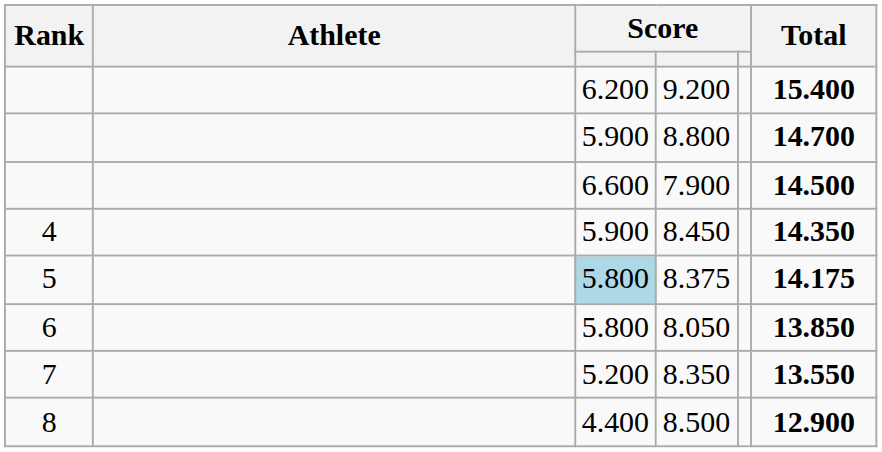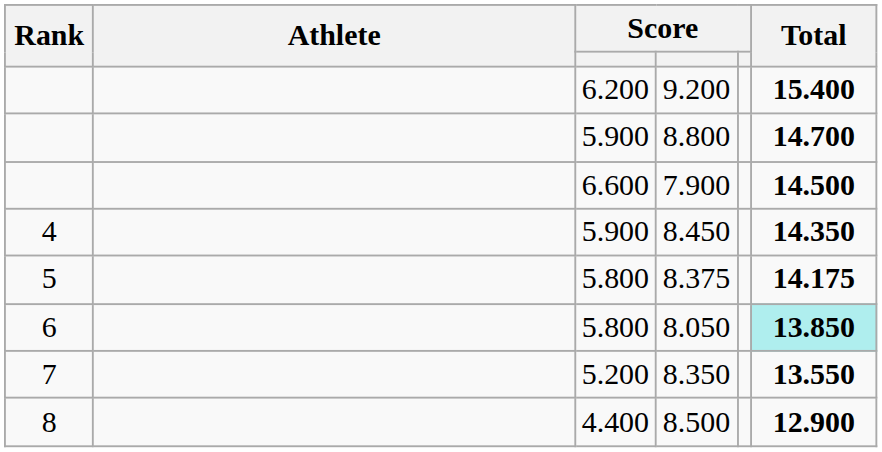 <table class=wikitable style="text-align:center">
 <tr>
 <th width="40" rowspan="2">Rank</th>
 <th width="250" rowspan="2">Athlete</th>
 <th width="60" colspan="3">Score</th>
 <th width="60" rowspan="2">Total</th>
 </tr>
 <tr>
 <th></th>
 <th></th>
 <th></th>
 </tr>
 <tr>
 <td></td>
 <td align="left"></td>
 <td>6.200</td>
 <td>9.200</td>
 <td></td>
 <td><strong>15.400</strong></td>
 </tr>
 <tr>
 <td></td>
 <td align="left"></td>
 <td>5.900</td>
 <td>8.800</td>
 <td></td>
 <td><strong>14.700</strong></td>
 </tr>
 <tr>
 <td></td>
 <td align="left"></td>
 <td>6.600</td>
 <td>7.900</td>
 <td></td>
 <td><strong>14.500</strong></td>
 </tr>
 <tr>
 <td>4</td>
 <td align="left"></td>
 <td>5.900</td>
 <td>8.450</td>
 <td></td>
 <td><strong>14.350</strong></td>
 </tr>
 <tr>
 <td>5</td>
 <td align="left"></td>
-<td style="background: lightblue;">5.800</td>
+<td>5.800</td>
 <td>8.375</td>
 <td></td>
 <td><strong>14.175</strong></td>
 </tr>
 <tr>
 <td>6</td>
 <td align="left"></td>
 <td>5.800</td>
 <td>8.050</td>
 <td></td>
-<td><strong>13.850</strong></td>
+<td style="background: paleturquoise;"><strong>13.850</strong></td>
 </tr>
 <tr>
 <td>7</td>
 <td align="left"></td>
 <td>5.200</td>
 <td>8.350</td>
 <td></td>
 <td><strong>13.550</strong></td>
 </tr>
 <tr>
 <td>8</td>
 <td align="left"></td>
 <td>4.400</td>
 <td>8.500</td>
 <td></td>
 <td><strong>12.900</strong></td>
 </tr>
 </table>
